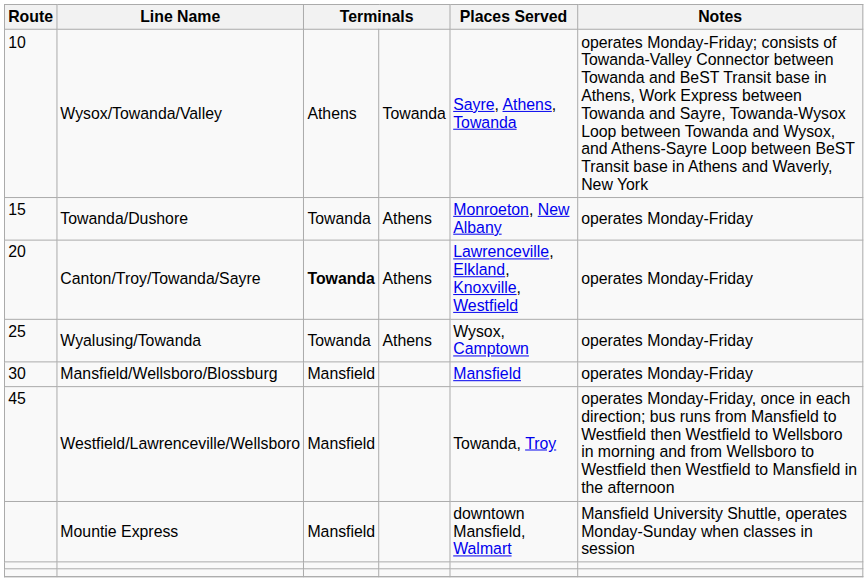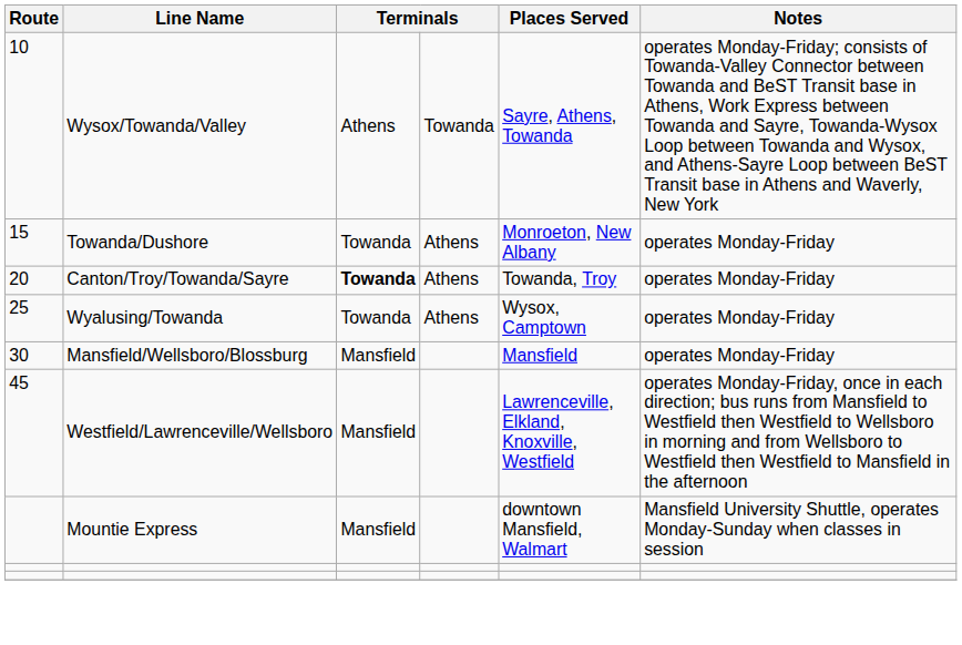 <table class=wikitable>
 <tr>
 <th>Route</th>
 <th>Line Name</th>
 <th colspan=2>Terminals</th>
 <th>Places Served</th>
 <th>Notes</th>
 </tr>
 <tr>
 <td valign=top><div>10</div></td>
 <td>Wysox/Towanda/Valley</td>
 <td>Athens</td>
 <td>Towanda</td>
 <td><a href='#'>Sayre</a>, <a href='#'>Athens</a>, <a href='#'>Towanda</a></td>
 <td>operates Monday-Friday; consists of Towanda-Valley Connector between Towanda and BeST Transit base in Athens, Work Express between Towanda and Sayre, Towanda-Wysox Loop between Towanda and Wysox, and Athens-Sayre Loop between BeST Transit base in Athens and Waverly, New York</td>
 </tr>
 <tr>
 <td valign=top><div>15</div></td>
 <td>Towanda/Dushore</td>
 <td>Towanda</td>
 <td>Athens</td>
 <td><a href='#'>Monroeton</a>, <a href='#'>New Albany</a></td>
 <td>operates Monday-Friday</td>
 </tr>
 <tr>
 <td valign=top><div>20</div></td>
 <td>Canton/Troy/Towanda/Sayre</td>
 <td><strong>Towanda</strong></td>
 <td>Athens</td>
-<td><a href='#'>Lawrenceville</a>, <a href='#'>Elkland</a>, <a href='#'>Knoxville</a>, <a href='#'>Westfield</a></td>
+<td>Towanda, <a href='#'>Troy</a></td>
 <td>operates Monday-Friday</td>
 </tr>
 <tr>
 <td valign=top><div>25</div></td>
 <td>Wyalusing/Towanda</td>
 <td>Towanda</td>
 <td>Athens</td>
 <td>Wysox, <a href='#'>Camptown</a></td>
 <td>operates Monday-Friday</td>
 </tr>
 <tr>
 <td valign=top><div>30</div></td>
 <td>Mansfield/Wellsboro/Blossburg</td>
 <td>Mansfield</td>
 <td></td>
 <td><a href='#'>Mansfield</a></td>
 <td>operates Monday-Friday</td>
 </tr>
 <tr>
 <td valign=top><div>45</div></td>
 <td>Westfield/Lawrenceville/Wellsboro</td>
 <td>Mansfield</td>
 <td></td>
-<td>Towanda, <a href='#'>Troy</a></td>
+<td><a href='#'>Lawrenceville</a>, <a href='#'>Elkland</a>, <a href='#'>Knoxville</a>, <a href='#'>Westfield</a></td>
 <td>operates Monday-Friday, once in each direction; bus runs from Mansfield to Westfield then Westfield to Wellsboro in morning and from Wellsboro to Westfield then Westfield to Mansfield in the afternoon</td>
 </tr>
 <tr>
 <td valign=top></td>
 <td>Mountie Express</td>
 <td>Mansfield</td>
 <td></td>
 <td>downtown Mansfield, <a href='#'>Walmart</a></td>
 <td>Mansfield University Shuttle, operates Monday-Sunday when classes in session</td>
 </tr>
 <tr>
 <td valign=top></td>
 <td></td>
 <td></td>
 <td></td>
 <td></td>
 <td></td>
 </tr>
 <tr>
 <td valign=top></td>
 <td></td>
 <td></td>
 <td></td>
 <td></td>
 <td></td>
 </tr>
 <tr>
 </tr>
 </table>
